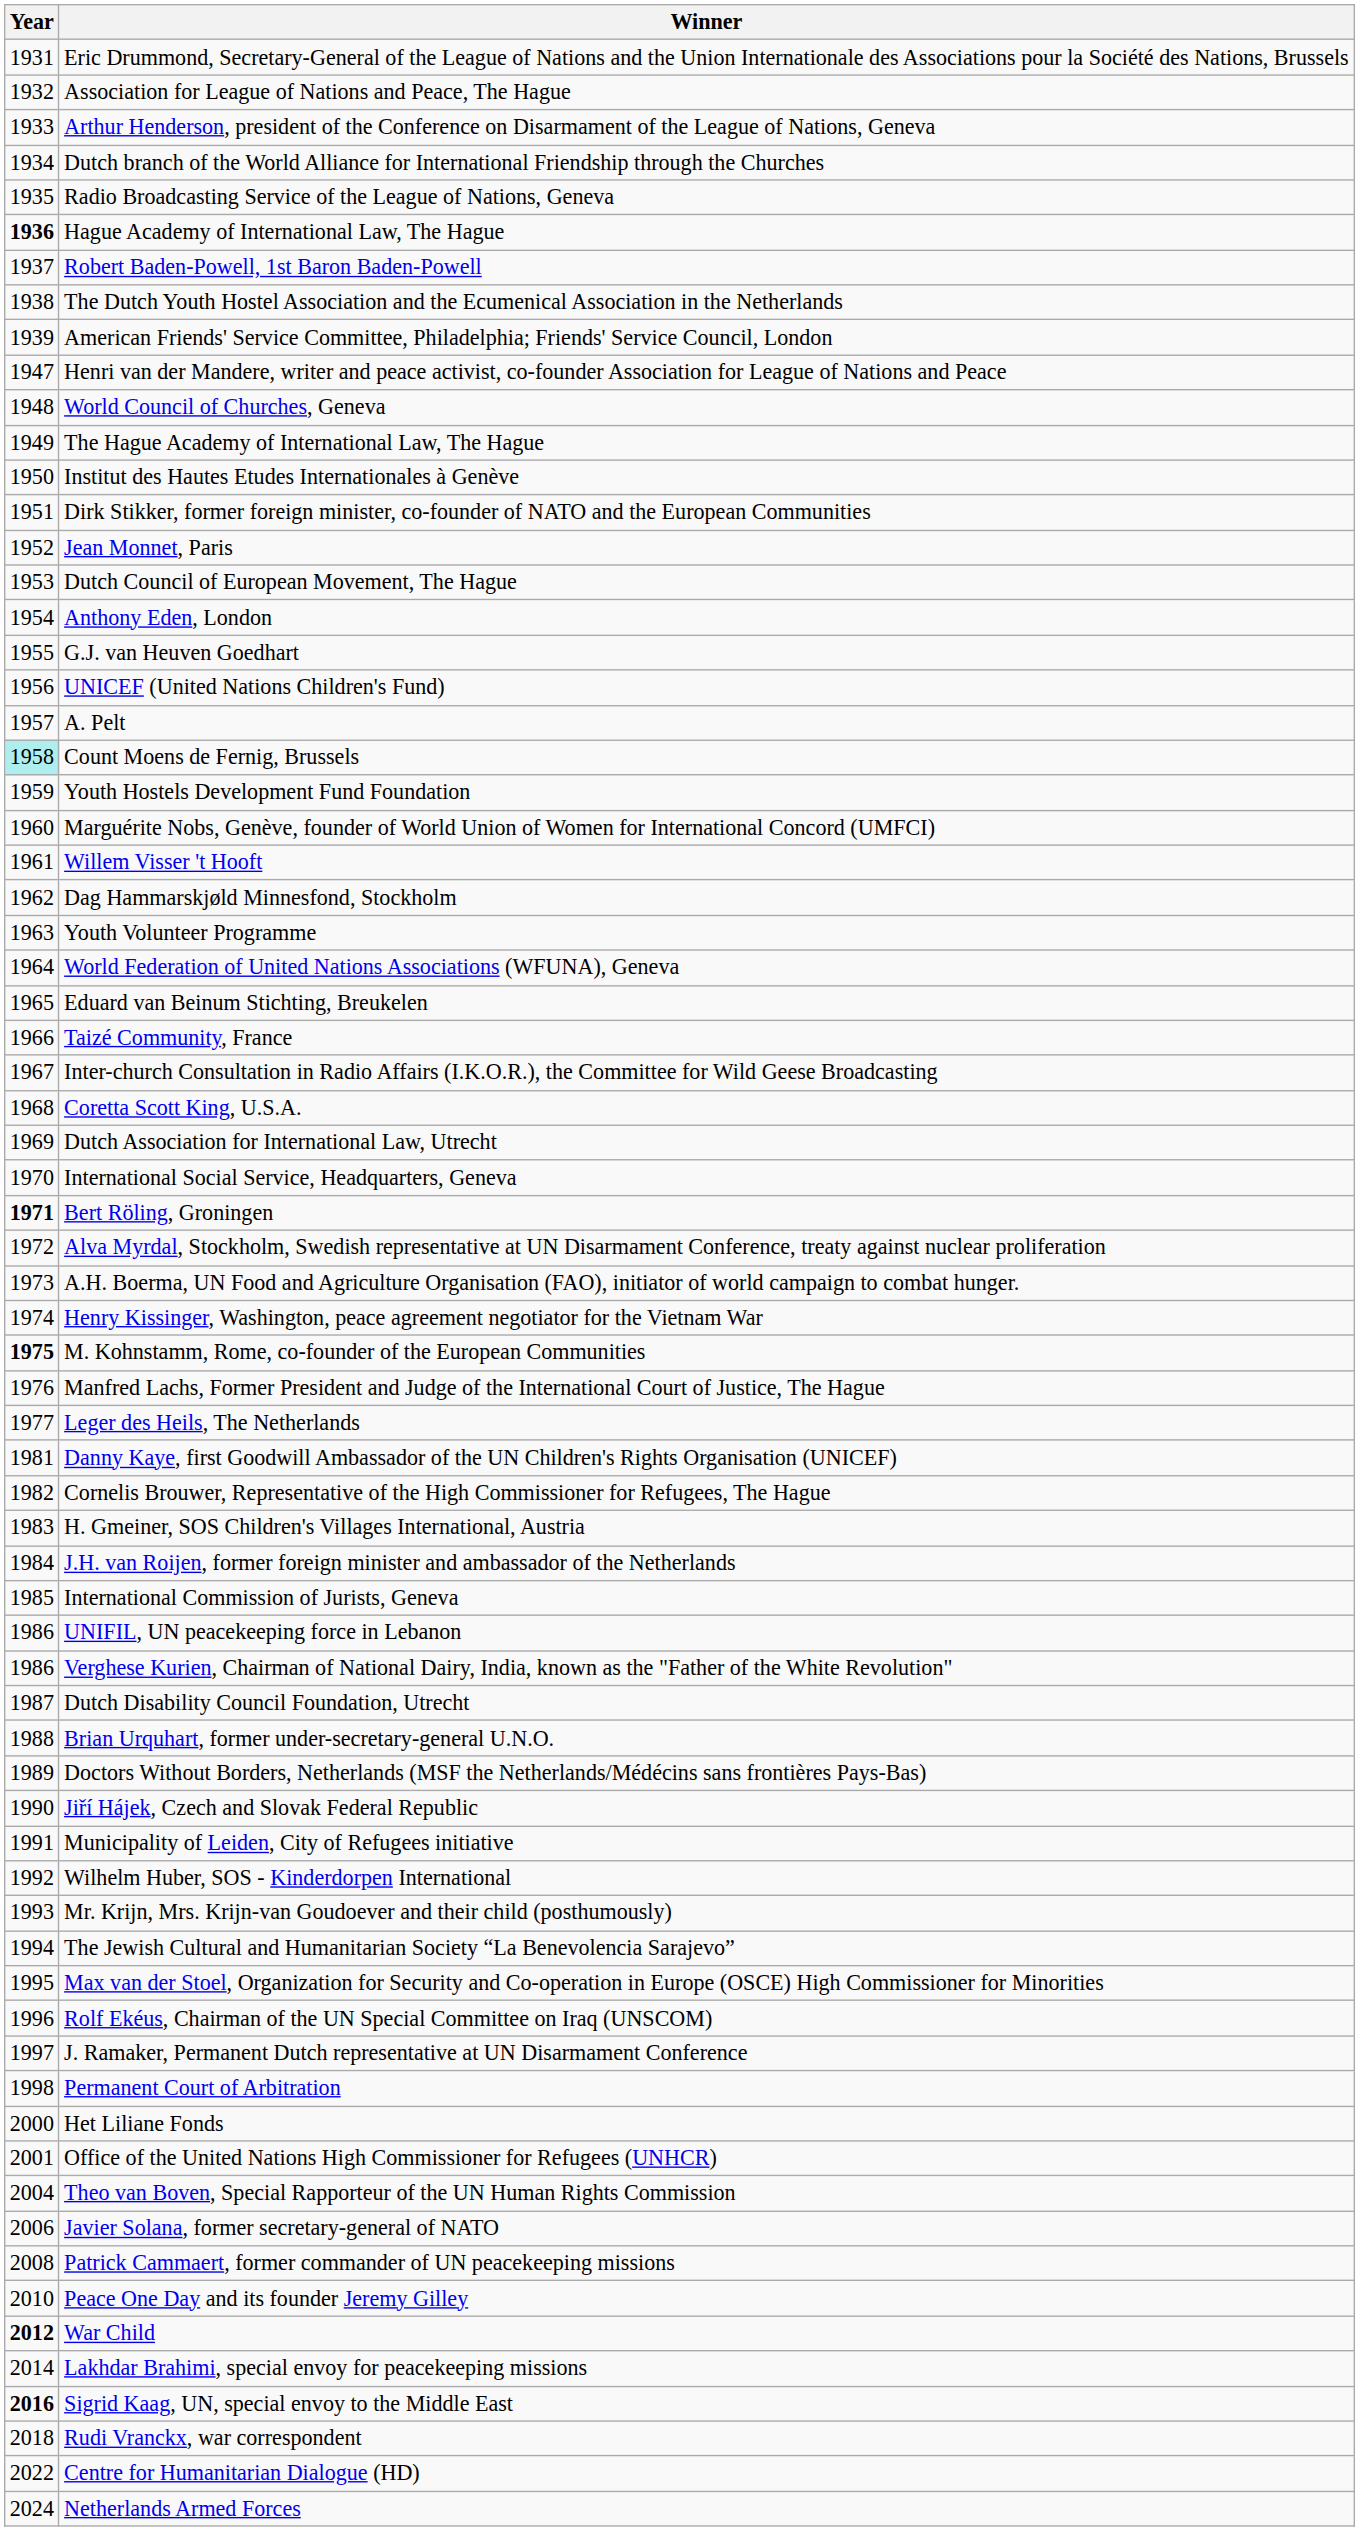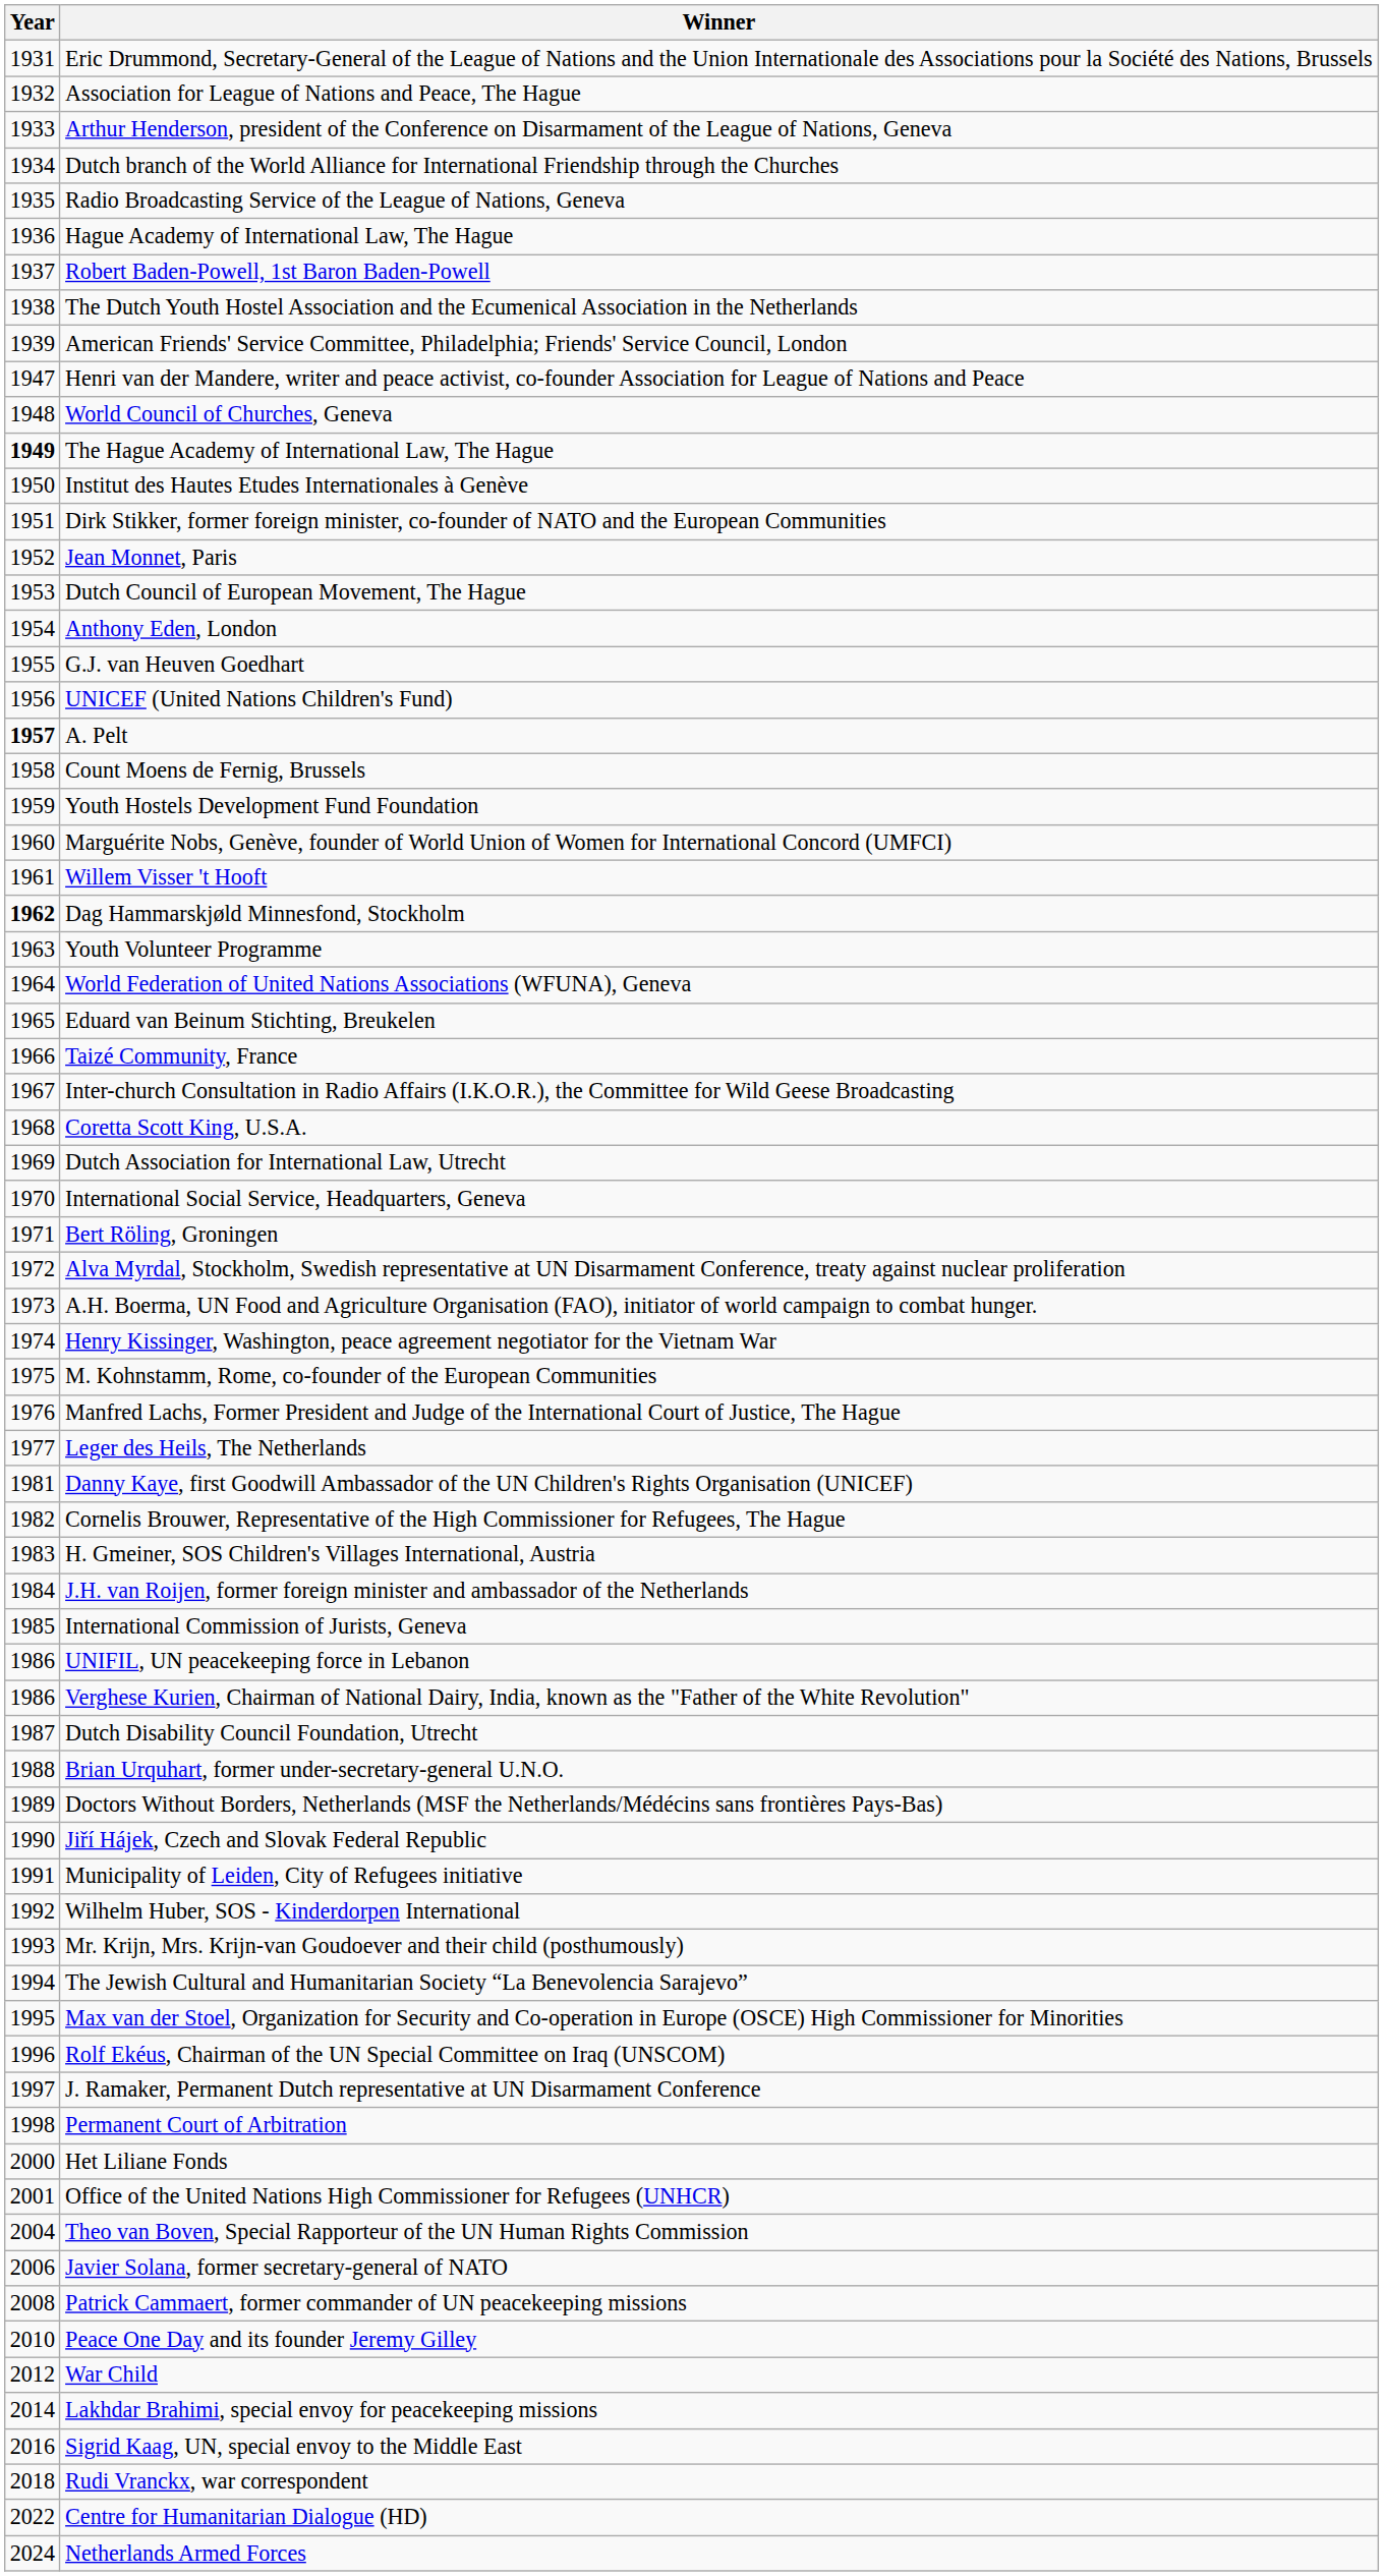 <table class="wikitable">
 <tr>
 <th>Year</th>
 <th>Winner</th>
 </tr>
 <tr>
 <td>1931</td>
 <td>Eric Drummond, Secretary-General of the League of Nations and the Union Internationale des Associations pour la Société des Nations, Brussels</td>
 </tr>
 <tr>
 <td>1932</td>
 <td>Association for League of Nations and Peace, The Hague</td>
 </tr>
 <tr>
 <td>1933</td>
 <td><a href='#'>Arthur Henderson</a>, president of the Conference on Disarmament of the League of Nations, Geneva</td>
 </tr>
 <tr>
 <td>1934</td>
 <td>Dutch branch of the World Alliance for International Friendship through the Churches</td>
 </tr>
 <tr>
 <td>1935</td>
 <td>Radio Broadcasting Service of the League of Nations, Geneva</td>
 </tr>
 <tr>
-<td><strong>1936</strong></td>
+<td>1936</td>
 <td>Hague Academy of International Law, The Hague</td>
 </tr>
 <tr>
 <td>1937</td>
 <td><a href='#'>Robert Baden-Powell, 1st Baron Baden-Powell</a></td>
 </tr>
 <tr>
 <td>1938</td>
 <td>The Dutch Youth Hostel Association and the Ecumenical Association in the Netherlands</td>
 </tr>
 <tr>
 <td>1939</td>
 <td>American Friends' Service Committee, Philadelphia; Friends' Service Council, London</td>
 </tr>
 <tr>
 <td>1947</td>
 <td>Henri van der Mandere, writer and peace activist, co-founder Association for League of Nations and Peace</td>
 </tr>
 <tr>
 <td>1948</td>
 <td><a href='#'>World Council of Churches</a>, Geneva</td>
 </tr>
 <tr>
-<td>1949</td>
+<td><strong>1949</strong></td>
 <td>The Hague Academy of International Law, The Hague</td>
 </tr>
 <tr>
 <td>1950</td>
 <td>Institut des Hautes Etudes Internationales à Genève</td>
 </tr>
 <tr>
 <td>1951</td>
 <td>Dirk Stikker, former foreign minister, co-founder of NATO and the European Communities</td>
 </tr>
 <tr>
 <td>1952</td>
 <td><a href='#'>Jean Monnet</a>, Paris</td>
 </tr>
 <tr>
 <td>1953</td>
 <td>Dutch Council of European Movement, The Hague</td>
 </tr>
 <tr>
 <td>1954</td>
 <td><a href='#'>Anthony Eden</a>, London</td>
 </tr>
 <tr>
 <td>1955</td>
 <td>G.J. van Heuven Goedhart</td>
 </tr>
 <tr>
 <td>1956</td>
 <td><a href='#'>UNICEF</a> (United Nations Children's Fund)</td>
 </tr>
 <tr>
-<td>1957</td>
+<td><strong>1957</strong></td>
 <td>A. Pelt</td>
 </tr>
 <tr>
-<td style="background: paleturquoise;">1958</td>
+<td>1958</td>
 <td>Count Moens de Fernig, Brussels</td>
 </tr>
 <tr>
 <td>1959</td>
 <td>Youth Hostels Development Fund Foundation</td>
 </tr>
 <tr>
 <td>1960</td>
 <td>Marguérite Nobs, Genève, founder of World Union of Women for International Concord (UMFCI)</td>
 </tr>
 <tr>
 <td>1961</td>
 <td><a href='#'>Willem Visser 't Hooft</a></td>
 </tr>
 <tr>
-<td>1962</td>
+<td><strong>1962</strong></td>
 <td>Dag Hammarskjøld Minnesfond, Stockholm</td>
 </tr>
 <tr>
 <td>1963</td>
 <td>Youth Volunteer Programme</td>
 </tr>
 <tr>
 <td>1964</td>
 <td><a href='#'>World Federation of United Nations Associations</a> (WFUNA), Geneva</td>
 </tr>
 <tr>
 <td>1965</td>
 <td>Eduard van Beinum Stichting, Breukelen</td>
 </tr>
 <tr>
 <td>1966</td>
 <td><a href='#'>Taizé Community</a>, France</td>
 </tr>
 <tr>
 <td>1967</td>
 <td>Inter-church Consultation in Radio Affairs (I.K.O.R.), the Committee for Wild Geese Broadcasting</td>
 </tr>
 <tr>
 <td>1968</td>
 <td><a href='#'>Coretta Scott King</a>, U.S.A.</td>
 </tr>
 <tr>
 <td>1969</td>
 <td>Dutch Association for International Law, Utrecht</td>
 </tr>
 <tr>
 <td>1970</td>
 <td>International Social Service, Headquarters, Geneva</td>
 </tr>
 <tr>
-<td><strong>1971</strong></td>
+<td>1971</td>
 <td><a href='#'>Bert Röling</a>, Groningen</td>
 </tr>
 <tr>
 <td>1972</td>
 <td><a href='#'>Alva Myrdal</a>, Stockholm, Swedish representative at UN Disarmament Conference, treaty against nuclear proliferation</td>
 </tr>
 <tr>
 <td>1973</td>
 <td>A.H. Boerma, UN Food and Agriculture Organisation (FAO), initiator of world campaign to combat hunger.</td>
 </tr>
 <tr>
 <td>1974</td>
 <td><a href='#'>Henry Kissinger</a>, Washington, peace agreement negotiator for the Vietnam War</td>
 </tr>
 <tr>
-<td><strong>1975</strong></td>
+<td>1975</td>
 <td>M. Kohnstamm, Rome, co-founder of the European Communities</td>
 </tr>
 <tr>
 <td>1976</td>
 <td>Manfred Lachs, Former President and Judge of the International Court of Justice, The Hague</td>
 </tr>
 <tr>
 <td>1977</td>
 <td><a href='#'>Leger des Heils</a>, The Netherlands</td>
 </tr>
 <tr>
 <td>1981</td>
 <td><a href='#'>Danny Kaye</a>, first Goodwill Ambassador of the UN Children's Rights Organisation (UNICEF)</td>
 </tr>
 <tr>
 <td>1982</td>
 <td>Cornelis Brouwer, Representative of the High Commissioner for Refugees, The Hague</td>
 </tr>
 <tr>
 <td>1983</td>
 <td>H. Gmeiner, SOS Children's Villages International, Austria</td>
 </tr>
 <tr>
 <td>1984</td>
 <td><a href='#'>J.H. van Roijen</a>, former foreign minister and ambassador of the Netherlands</td>
 </tr>
 <tr>
 <td>1985</td>
 <td>International Commission of Jurists, Geneva</td>
 </tr>
 <tr>
 <td>1986</td>
 <td><a href='#'>UNIFIL</a>, UN peacekeeping force in Lebanon</td>
 </tr>
 <tr>
 <td>1986</td>
 <td><a href='#'>Verghese Kurien</a>, Chairman of National Dairy, India, known as the "Father of the White Revolution"</td>
 </tr>
 <tr>
 <td>1987</td>
 <td>Dutch Disability Council Foundation, Utrecht</td>
 </tr>
 <tr>
 <td>1988</td>
 <td><a href='#'>Brian Urquhart</a>, former under-secretary-general U.N.O.</td>
 </tr>
 <tr>
 <td>1989</td>
 <td>Doctors Without Borders, Netherlands (MSF the Netherlands/Médécins sans frontières Pays-Bas)</td>
 </tr>
 <tr>
 <td>1990</td>
 <td><a href='#'>Jiří Hájek</a>, Czech and Slovak Federal Republic</td>
 </tr>
 <tr>
 <td>1991</td>
 <td>Municipality of <a href='#'>Leiden</a>, City of Refugees initiative</td>
 </tr>
 <tr>
 <td>1992</td>
 <td>Wilhelm Huber, SOS - <a href='#'>Kinderdorpen</a> International</td>
 </tr>
 <tr>
 <td>1993</td>
 <td>Mr. Krijn,  Mrs. Krijn-van Goudoever and their child (posthumously)</td>
 </tr>
 <tr>
 <td>1994</td>
 <td>The Jewish Cultural and Humanitarian Society “La Benevolencia Sarajevo”</td>
 </tr>
 <tr>
 <td>1995</td>
 <td><a href='#'>Max van der Stoel</a>, Organization for Security and Co-operation in Europe (OSCE) High Commissioner for Minorities</td>
 </tr>
 <tr>
 <td>1996</td>
 <td><a href='#'>Rolf Ekéus</a>, Chairman of the UN Special Committee on Iraq (UNSCOM)</td>
 </tr>
 <tr>
 <td>1997</td>
 <td>J. Ramaker, Permanent Dutch representative at UN Disarmament Conference</td>
 </tr>
 <tr>
 <td>1998</td>
 <td><a href='#'>Permanent Court of Arbitration</a></td>
 </tr>
 <tr>
 <td>2000</td>
 <td>Het Liliane Fonds</td>
 </tr>
 <tr>
 <td>2001</td>
 <td>Office of the United Nations High Commissioner for Refugees (<a href='#'>UNHCR</a>)</td>
 </tr>
 <tr>
 <td>2004</td>
 <td><a href='#'>Theo van Boven</a>, Special Rapporteur of the UN Human Rights Commission</td>
 </tr>
 <tr>
 <td>2006</td>
 <td><a href='#'>Javier Solana</a>, former secretary-general of NATO</td>
 </tr>
 <tr>
 <td>2008</td>
 <td><a href='#'>Patrick Cammaert</a>, former commander of UN peacekeeping missions</td>
 </tr>
 <tr>
 <td>2010</td>
 <td><a href='#'>Peace One Day</a> and its founder <a href='#'>Jeremy Gilley</a></td>
 </tr>
 <tr>
-<td><strong>2012</strong></td>
+<td>2012</td>
 <td><a href='#'>War Child</a></td>
 </tr>
 <tr>
 <td>2014</td>
 <td><a href='#'>Lakhdar Brahimi</a>, special envoy for peacekeeping missions</td>
 </tr>
 <tr>
-<td><strong>2016</strong></td>
+<td>2016</td>
 <td><a href='#'>Sigrid Kaag</a>, UN, special envoy to the Middle East</td>
 </tr>
 <tr>
 <td>2018</td>
 <td><a href='#'>Rudi Vranckx</a>, war correspondent</td>
 </tr>
 <tr>
 <td>2022</td>
 <td><a href='#'>Centre for Humanitarian Dialogue</a> (HD)</td>
 </tr>
 <tr>
 <td>2024</td>
 <td><a href='#'>Netherlands Armed Forces</a></td>
 </tr>
 </table>
